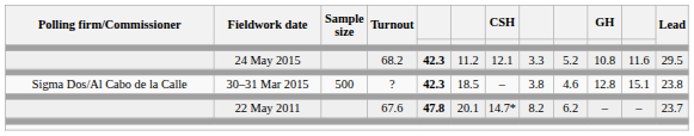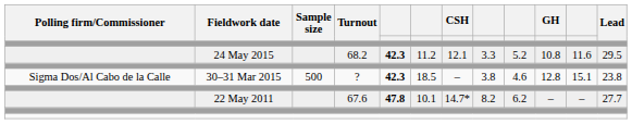 <table class="wikitable collapsible collapsed" style="text-align:center; font-size:95%; line-height:16px;">
 <tr style="height:42px;">
 <th style="width:250px;" rowspan="2">Polling firm/Commissioner</th>
 <th style="width:125px;" rowspan="2">Fieldwork date</th>
 <th style="width:50px;" rowspan="2">Sample size</th>
 <th style="width:45px;" rowspan="2">Turnout</th>
 <th style="width:35px;"></th>
 <th style="width:35px;"></th>
 <th style="width:35px;">CSH</th>
 <th style="width:35px;"></th>
 <th style="width:35px;"></th>
 <th style="width:35px;">GH</th>
 <th style="width:35px;"></th>
 <th style="width:30px;" rowspan="2">Lead</th>
 </tr>
 <tr>
 <th style="color:inherit;background:"></th>
 <th style="color:inherit;background:"></th>
 <th style="color:inherit;background:"></th>
 <th style="color:inherit;background:"></th>
 <th style="color:inherit;background:"></th>
 <th style="color:inherit;background:"></th>
 <th style="color:inherit;background:"></th>
 </tr>
 <tr>
 <td colspan="12" style="background:#A0A0A0"></td>
 </tr>
 <tr style="background:#EFEFEF;">
 <td><strong></strong></td>
 <td>24 May 2015</td>
 <td></td>
 <td>68.2</td>
 <td><strong>42.3</strong><br></td>
 <td>11.2<br></td>
 <td>12.1<br></td>
 <td>3.3<br></td>
 <td>5.2<br></td>
 <td>10.8<br></td>
 <td>11.6<br></td>
 <td style="background:">29.5</td>
 </tr>
 <tr>
 <td colspan="12" style="background:#A0A0A0"></td>
 </tr>
 <tr>
 <td>Sigma Dos/Al Cabo de la Calle</td>
 <td>30–31 Mar 2015</td>
 <td>500</td>
 <td>?</td>
 <td><strong>42.3</strong><br></td>
 <td>18.5<br></td>
 <td>–</td>
 <td>3.8<br></td>
 <td>4.6<br></td>
 <td>12.8<br></td>
 <td>15.1<br></td>
 <td style="background:">23.8</td>
 </tr>
 <tr>
 <td colspan="12" style="background:#A0A0A0"></td>
 </tr>
 <tr style="background:#EFEFEF;">
 <td><strong></strong></td>
 <td>22 May 2011</td>
 <td></td>
 <td>67.6</td>
 <td><strong>47.8</strong><br></td>
-<td>20.1<br></td>
+<td>10.1<br></td>
 <td>14.7*<br></td>
 <td>8.2<br></td>
 <td>6.2<br></td>
 <td>–</td>
 <td>–</td>
-<td style="background:">23.7</td>
+<td style="background:">27.7</td>
 </tr>
 <tr>
 <td colspan="12" style="background:#A0A0A0"></td>
 </tr>
 <tr>
 <td align="left" colspan="12"></td>
 </tr>
 </table>
